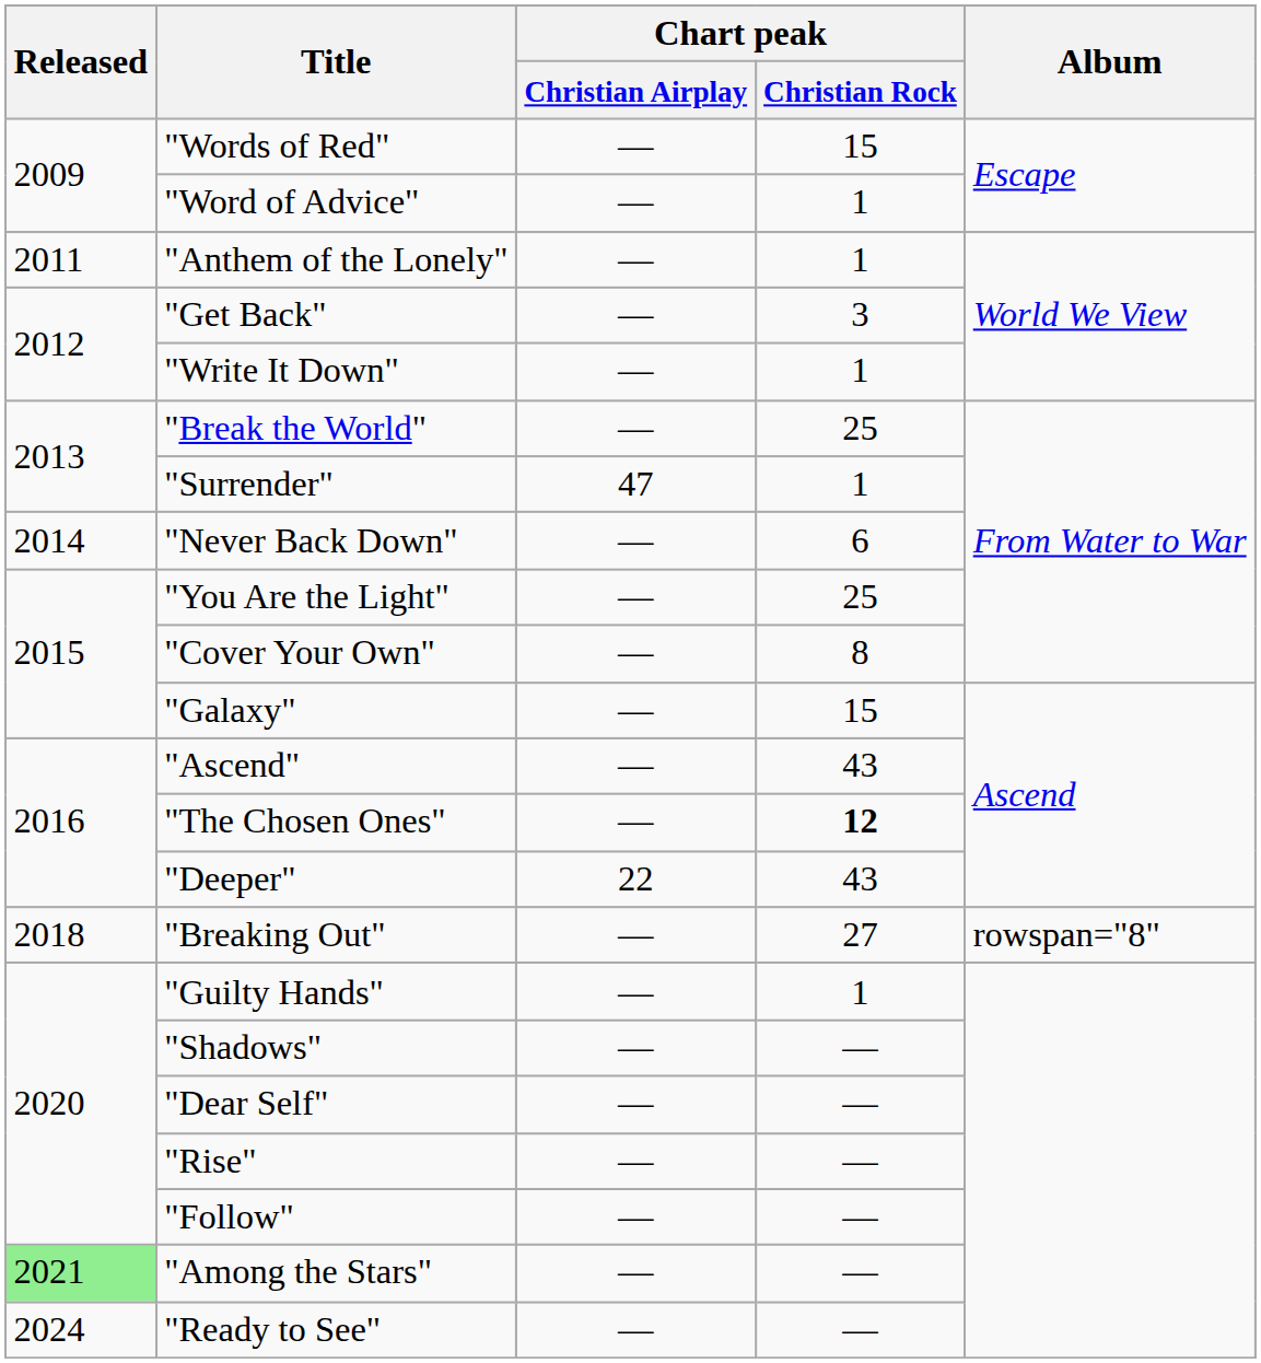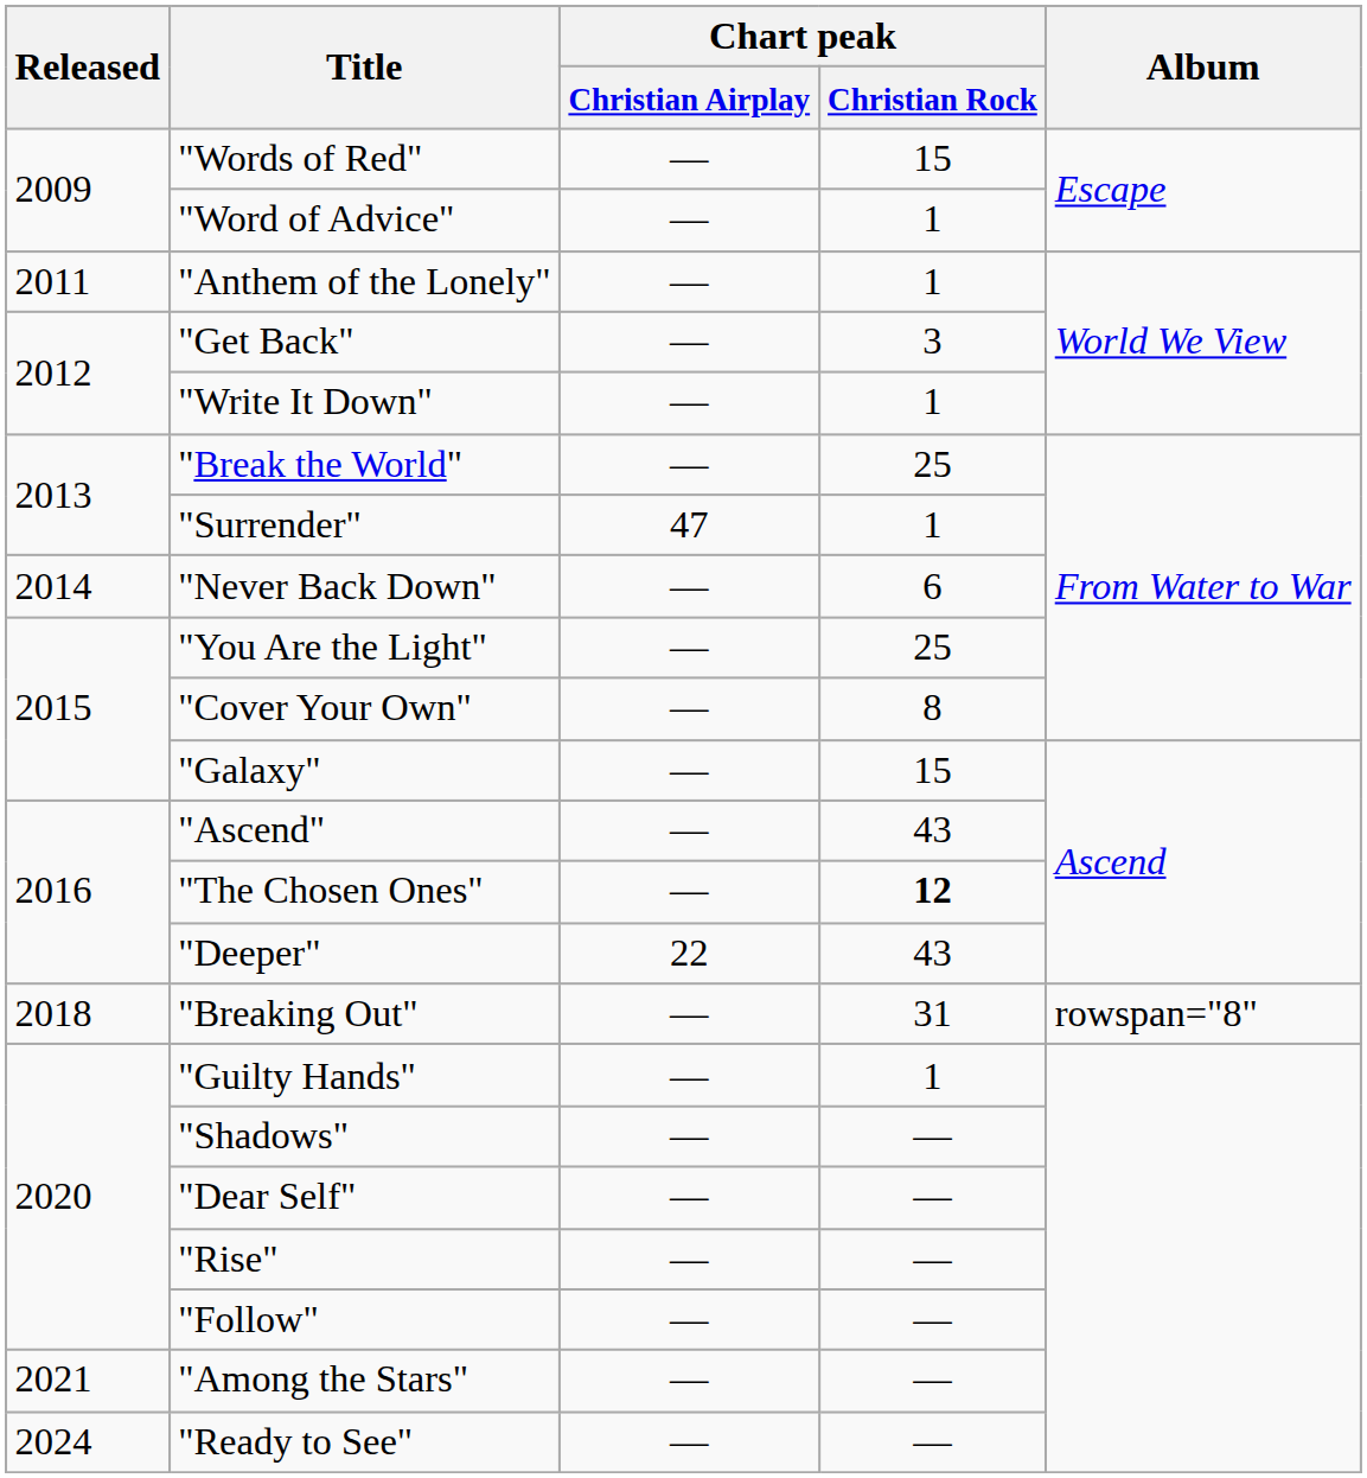 <table class="wikitable">
 <tr>
 <th rowspan="2">Released</th>
 <th rowspan="2">Title</th>
 <th colspan="2">Chart peak</th>
 <th rowspan="2">Album</th>
 </tr>
 <tr>
 <th><small><a href='#'>Christian Airplay</a></small></th>
 <th><small><a href='#'>Christian Rock</a><br></small></th>
 </tr>
 <tr>
 <td rowspan="2">2009</td>
 <td>"Words of Red"</td>
 <td style="text-align:center;">—</td>
 <td style="text-align:center;">15</td>
 <td rowspan="2"><em><a href='#'>Escape</a></em></td>
 </tr>
 <tr>
 <td>"Word of Advice"</td>
 <td style="text-align:center;">—</td>
 <td style="text-align:center;">1</td>
 </tr>
 <tr>
 <td>2011</td>
 <td>"Anthem of the Lonely"</td>
 <td style="text-align:center;">—</td>
 <td style="text-align:center;">1</td>
 <td rowspan="3"><em><a href='#'>World We View</a></em></td>
 </tr>
 <tr>
 <td rowspan="2">2012</td>
 <td>"Get Back"</td>
 <td style="text-align:center;">—</td>
 <td style="text-align:center;">3</td>
 </tr>
 <tr>
 <td>"Write It Down"</td>
 <td style="text-align:center;">—</td>
 <td style="text-align:center;">1</td>
 </tr>
 <tr>
 <td rowspan="2">2013</td>
 <td>"<a href='#'>Break the World</a>"</td>
 <td style="text-align:center;">—</td>
 <td style="text-align:center;">25</td>
 <td rowspan="5"><em><a href='#'>From Water to War</a></em></td>
 </tr>
 <tr>
 <td>"Surrender"</td>
 <td style="text-align:center;">47</td>
 <td style="text-align:center;">1</td>
 </tr>
 <tr>
 <td>2014</td>
 <td>"Never Back Down"</td>
 <td style="text-align:center;">—</td>
 <td style="text-align:center;">6</td>
 </tr>
 <tr>
 <td rowspan="3">2015</td>
 <td>"You Are the Light"</td>
 <td style="text-align:center;">—</td>
 <td style="text-align:center;">25</td>
 </tr>
 <tr>
 <td>"Cover Your Own"</td>
 <td style="text-align:center;">—</td>
 <td style="text-align:center;">8</td>
 </tr>
 <tr>
 <td>"Galaxy"</td>
 <td style="text-align:center;">—</td>
 <td style="text-align:center;">15</td>
 <td rowspan="4"><em><a href='#'>Ascend</a></em></td>
 </tr>
 <tr>
 <td rowspan="3">2016</td>
 <td>"Ascend"</td>
 <td style="text-align:center;">—</td>
 <td style="text-align:center;">43</td>
 </tr>
 <tr>
 <td>"The Chosen Ones"</td>
 <td style="text-align:center;">—</td>
 <td style="text-align:center;"><strong>12</strong></td>
 </tr>
 <tr>
 <td>"Deeper"</td>
 <td style="text-align:center;">22</td>
 <td style="text-align:center;">43</td>
 </tr>
 <tr>
 <td>2018</td>
 <td>"Breaking Out"</td>
 <td style="text-align:center;">—</td>
-<td style="text-align:center;">27</td>
+<td style="text-align:center;">31</td>
 <td>rowspan="8" </td>
 </tr>
 <tr>
 <td rowspan="5">2020</td>
 <td>"Guilty Hands"</td>
 <td style="text-align:center;">—</td>
 <td style="text-align:center;">1</td>
 </tr>
 <tr>
 <td>"Shadows"</td>
 <td style="text-align:center;">—</td>
 <td style="text-align:center;">—</td>
 </tr>
 <tr>
 <td>"Dear Self"</td>
 <td style="text-align:center;">—</td>
 <td style="text-align:center;">—</td>
 </tr>
 <tr>
 <td>"Rise"</td>
 <td style="text-align:center;">—</td>
 <td style="text-align:center;">—</td>
 </tr>
 <tr>
 <td>"Follow"</td>
 <td style="text-align:center;">—</td>
 <td style="text-align:center;">—</td>
 </tr>
 <tr>
-<td style="background: lightgreen;">2021</td>
+<td>2021</td>
 <td>"Among the Stars"</td>
 <td style="text-align:center;">—</td>
 <td style="text-align:center;">—</td>
 </tr>
 <tr>
 <td>2024</td>
 <td>"Ready to See"</td>
 <td style="text-align:center;">—</td>
 <td style="text-align:center;">—</td>
 </tr>
 </table>
